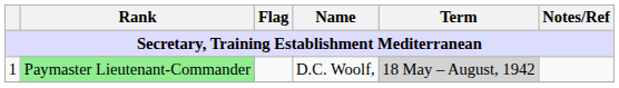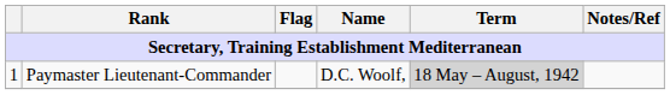 <table class="wikitable">
 <tr>
 <th></th>
 <th>Rank</th>
 <th>Flag</th>
 <th>Name</th>
 <th>Term</th>
 <th>Notes/Ref</th>
 </tr>
 <tr>
 <td colspan="6" align="center" style="background:#dcdcfe;"><strong>Secretary, Training Establishment Mediterranean</strong></td>
 </tr>
 <tr>
 <td>1</td>
-<td style="background: lightgreen;">Paymaster Lieutenant-Commander</td>
+<td>Paymaster Lieutenant-Commander</td>
 <td></td>
 <td>D.C. Woolf,</td>
 <td style="background: lightgrey;">18 May – August, 1942</td>
 <td></td>
 </tr>
 <tr>
 </tr>
 </table>
